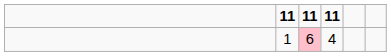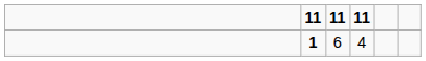 <table class="wikitable">
 <tr>
 <td style="width:18em"></td>
 <td align=center style="width:1em"><strong>11</strong></td>
 <td align=center style="width:1em"><strong>11</strong></td>
 <td align=center style="width:1em"><strong>11</strong></td>
 <td align=center style="width:1em"></td>
 <td align=center style="width:1em"></td>
 </tr>
 <tr>
 <td style="width:18em"></td>
-<td align=center style="width:1em">1</td>
-<td align=center style="background: pink; width:1em">6</td>
+<td align=center style="width:1em"><strong>1</strong></td>
+<td align=center style="width:1em">6</td>
 <td align=center style="width:1em">4</td>
 <td align=center style="width:1em"></td>
 <td align=center style="width:1em"></td>
 </tr>
 </table>
